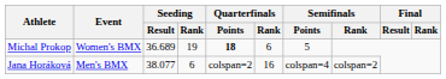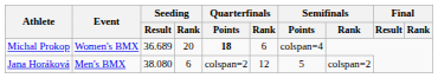 <table class=wikitable style="font-size:90%">
 <tr>
 <th rowspan="2">Athlete</th>
 <th rowspan="2">Event</th>
 <th colspan="2">Seeding</th>
 <th colspan="2">Quarterfinals</th>
 <th colspan="2">Semifinals</th>
 <th colspan="2">Final</th>
 </tr>
 <tr style="font-size:95%">
 <th>Result</th>
 <th>Rank</th>
 <th>Points</th>
 <th>Rank</th>
 <th>Points</th>
 <th>Rank</th>
 <th>Result</th>
 <th>Rank</th>
 </tr>
 <tr align=center>
 <td align=left><a href='#'>Michal Prokop</a></td>
 <td align=left><a href='#'>Women's BMX</a></td>
 <td>36.689</td>
-<td>19</td>
+<td>20</td>
 <td><strong>18</strong></td>
 <td>6</td>
-<td>5</td>
+<td>colspan=4 </td>
 </tr>
 <tr align=center>
 <td align=left><a href='#'>Jana Horáková</a></td>
 <td align=left><a href='#'>Men's BMX</a></td>
-<td>38.077</td>
+<td>38.080</td>
 <td>6</td>
 <td>colspan=2 </td>
-<td>16</td>
-<td>colspan=4 </td>
+<td>12</td>
+<td>5</td>
 <td>colspan=2 </td>
 </tr>
 </table>
